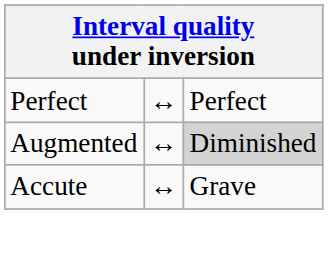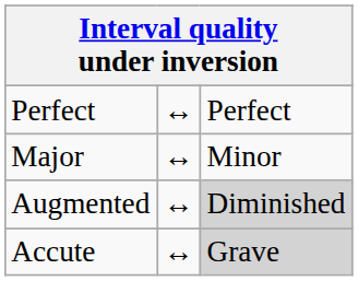 <table class="wikitable" style="display:inline-table;float:right;">
 <tr>
 <th colspan="3"><a href='#'>Interval quality</a><br>under inversion</th>
 </tr>
 <tr>
 <td>Perfect</td>
 <td>↔</td>
 <td>Perfect</td>
 </tr>
 <tr>
+<td>Major</td>
+<td>↔</td>
+<td>Minor</td>
+</tr>
+<tr>
 <td>Augmented</td>
 <td>↔</td>
 <td style="background: lightgrey;">Diminished</td>
 </tr>
 <tr>
 <td>Accute</td>
 <td>↔</td>
-<td>Grave</td>
+<td style="background: lightgrey;">Grave</td>
 </tr>
 </table>
